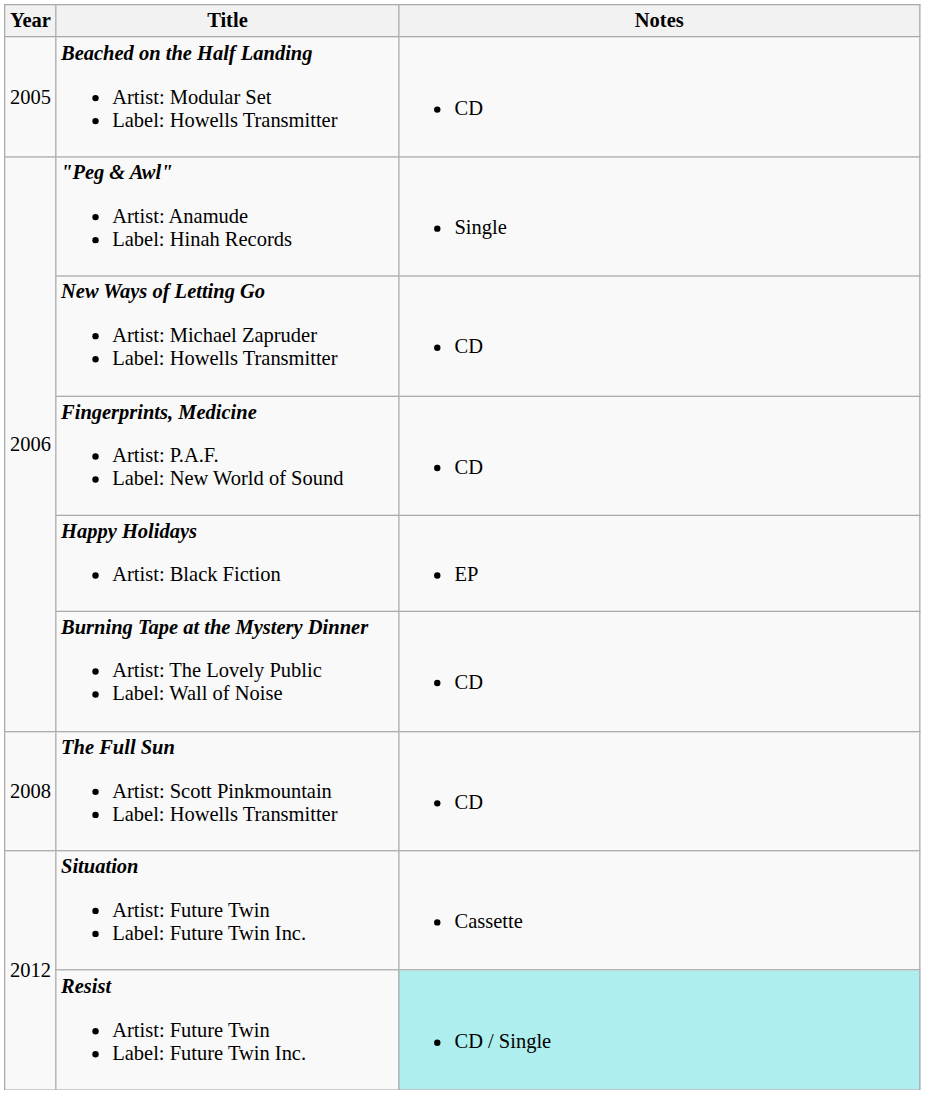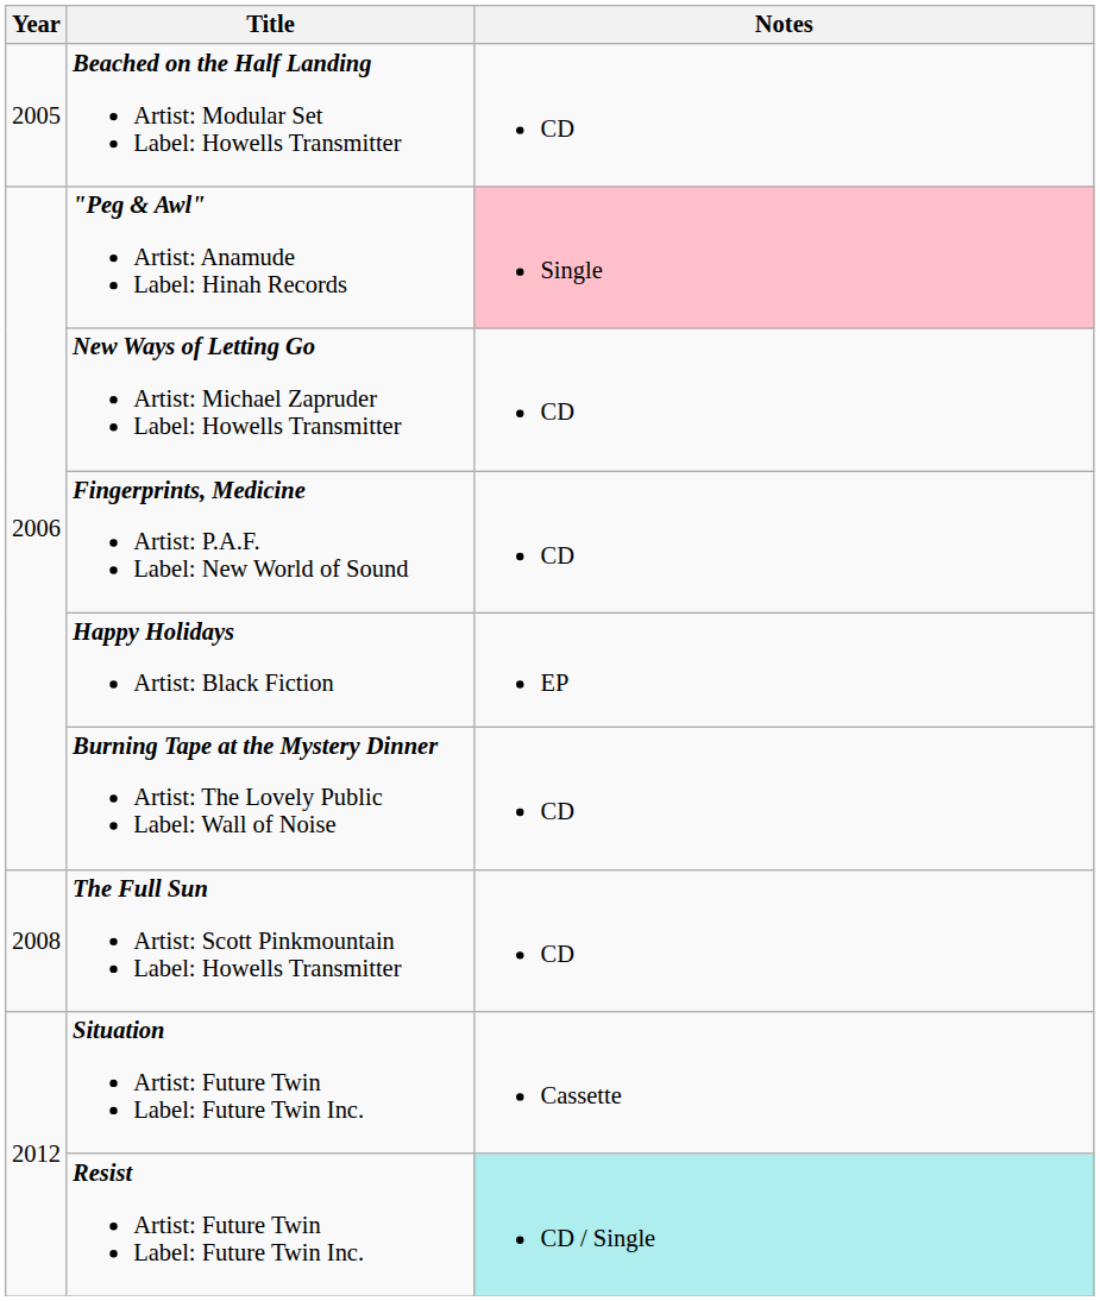 <table class="wikitable">
 <tr>
 <th width="33">Year</th>
 <th width="260">Title</th>
 <th width="400">Notes</th>
 </tr>
 <tr>
 <td align="center">2005</td>
 <td><strong><em>Beached on the Half Landing</em></strong><br><ul><li>Artist: Modular Set</li><li>Label: Howells Transmitter</li></ul></td>
 <td><br><ul><li>CD</li></ul></td>
 </tr>
 <tr>
 <td align="center" rowspan="5">2006</td>
 <td><strong><em>"Peg & Awl"</em></strong><br><ul><li>Artist: Anamude</li><li>Label: Hinah Records</li></ul></td>
-<td><br><ul><li>Single</li></ul></td>
+<td style="background: pink;"><br><ul><li>Single</li></ul></td>
 </tr>
 <tr>
 <td><strong><em>New Ways of Letting Go</em></strong><br><ul><li>Artist: Michael Zapruder</li><li>Label: Howells Transmitter</li></ul></td>
 <td><br><ul><li>CD</li></ul></td>
 </tr>
 <tr>
 <td><strong><em>Fingerprints, Medicine</em></strong><br><ul><li>Artist: P.A.F.</li><li>Label: New World of Sound</li></ul></td>
 <td><br><ul><li>CD</li></ul></td>
 </tr>
 <tr>
 <td><strong><em>Happy Holidays</em></strong><br><ul><li>Artist: Black Fiction</li></ul></td>
 <td><br><ul><li>EP</li></ul></td>
 </tr>
 <tr>
 <td><strong><em>Burning Tape at the Mystery Dinner</em></strong><br><ul><li>Artist: The Lovely Public</li><li>Label: Wall of Noise</li></ul></td>
 <td><br><ul><li>CD</li></ul></td>
 </tr>
 <tr>
 <td align="center">2008</td>
 <td><strong><em>The Full Sun</em></strong><br><ul><li>Artist: Scott Pinkmountain</li><li>Label: Howells Transmitter</li></ul></td>
 <td><br><ul><li>CD</li></ul></td>
 </tr>
 <tr>
 <td align="center" rowspan="2">2012</td>
 <td><strong><em>Situation</em></strong><br><ul><li>Artist: Future Twin</li><li>Label: Future Twin Inc.</li></ul></td>
 <td><br><ul><li>Cassette</li></ul></td>
 </tr>
 <tr>
 <td><strong><em>Resist</em></strong><br><ul><li>Artist: Future Twin</li><li>Label: Future Twin Inc.</li></ul></td>
 <td style="background: paleturquoise;"><br><ul><li>CD / Single</li></ul></td>
 </tr>
 </table>
